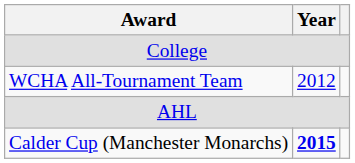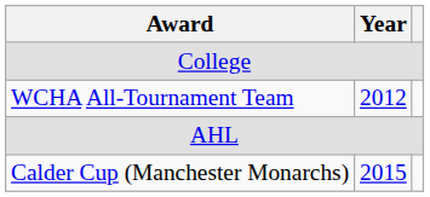 <table class="wikitable">
 <tr>
 <th>Award</th>
 <th>Year</th>
 <th></th>
 </tr>
 <tr ALIGN="center" bgcolor="#e0e0e0">
 <td colspan="3"><a href='#'>College</a></td>
 </tr>
 <tr>
 <td><a href='#'>WCHA</a> <a href='#'>All-Tournament Team</a></td>
 <td><a href='#'>2012</a></td>
 <td></td>
 </tr>
 <tr ALIGN="center" bgcolor="#e0e0e0">
 <td colspan="3"><a href='#'>AHL</a></td>
 </tr>
 <tr>
 <td><a href='#'>Calder Cup</a> (Manchester Monarchs)</td>
-<td><strong><a href='#'>2015</a></strong></td>
+<td><a href='#'>2015</a></td>
 <td></td>
 </tr>
 </table>
